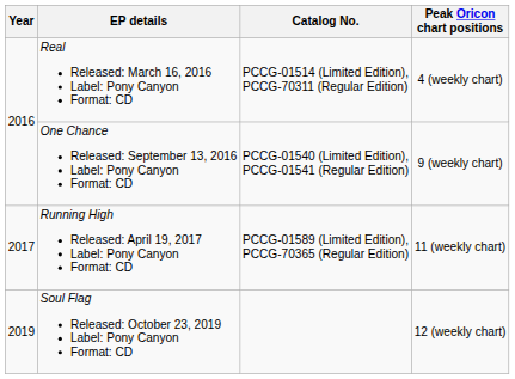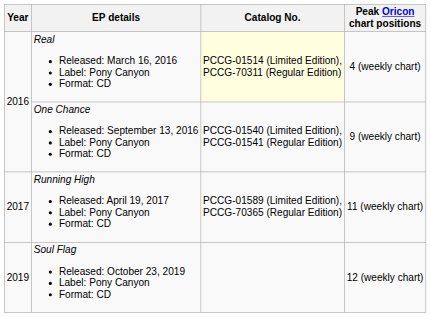 <table class="wikitable">
 <tr>
 <th>Year</th>
 <th>EP details</th>
 <th>Catalog No.</th>
 <th>Peak <a href='#'>Oricon</a><br>chart positions</th>
 </tr>
 <tr>
 <td rowspan="2">2016</td>
 <td align="left"><em>Real</em><br><ul><li>Released: March 16, 2016</li><li>Label: Pony Canyon</li><li>Format: CD</li></ul></td>
-<td>PCCG-01514 (Limited Edition),<br>PCCG-70311 (Regular Edition)</td>
+<td style="background: lightyellow;">PCCG-01514 (Limited Edition),<br>PCCG-70311 (Regular Edition)</td>
 <td align="center">4 (weekly chart)</td>
 </tr>
 <tr>
 <td align="left"><em>One Chance</em><br><ul><li>Released: September 13, 2016</li><li>Label: Pony Canyon</li><li>Format: CD</li></ul></td>
 <td>PCCG-01540 (Limited Edition),<br>PCCG-01541 (Regular Edition)</td>
 <td align="center">9 (weekly chart)</td>
 </tr>
 <tr>
 <td>2017</td>
 <td align="left"><em>Running High</em><br><ul><li>Released: April 19, 2017</li><li>Label: Pony Canyon</li><li>Format: CD</li></ul></td>
 <td>PCCG-01589 (Limited Edition),<br>PCCG-70365 (Regular Edition)</td>
 <td align="center">11 (weekly chart)</td>
 </tr>
 <tr>
 <td>2019</td>
 <td align="left"><em>Soul Flag</em><br><ul><li>Released: October 23, 2019</li><li>Label: Pony Canyon</li><li>Format: CD</li></ul></td>
 <td></td>
 <td align="center">12 (weekly chart)</td>
 </tr>
 </table>
